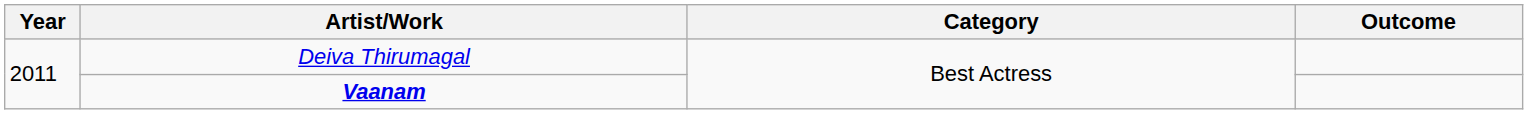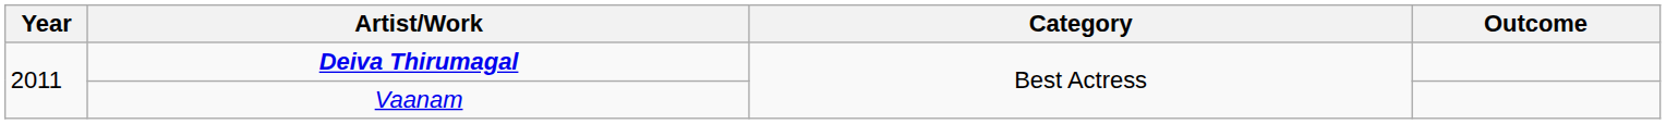 <table class="wikitable" style="width:70%;">
 <tr>
 <th width=5%>Year</th>
 <th style="width:40%;">Artist/Work</th>
 <th style="width:40%;">Category</th>
 <th>Outcome</th>
 </tr>
 <tr>
 <td rowspan="2" style="text-align:left;">2011</td>
-<td style="text-align:center;"><em><a href='#'>Deiva Thirumagal</a></em></td>
+<td style="text-align:center;"><strong><em><a href='#'>Deiva Thirumagal</a></em></strong></td>
 <td rowspan="2" style="text-align:center;">Best Actress</td>
 <td></td>
 </tr>
 <tr>
-<td style="text-align:center;"><strong><em><a href='#'>Vaanam</a></em></strong></td>
+<td style="text-align:center;"><em><a href='#'>Vaanam</a></em></td>
 <td></td>
 </tr>
 </table>
